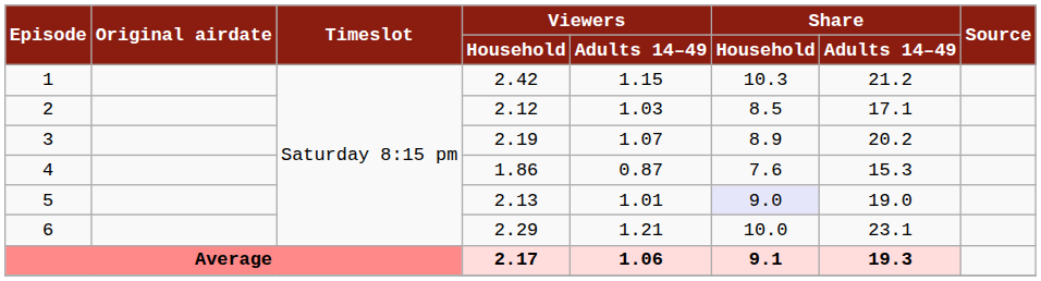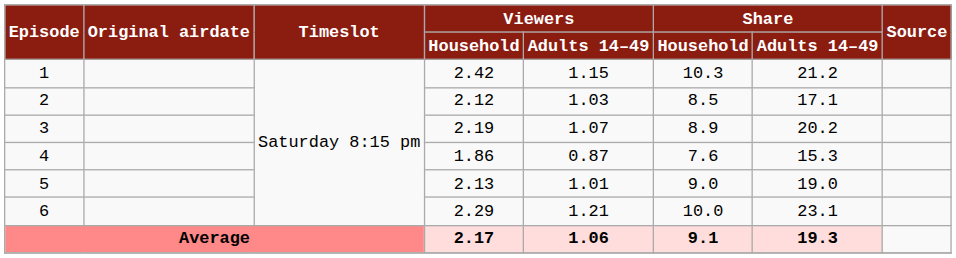 <table class="wikitable" style="text-align:center;">
 <tr>
 <th style="background:#8b1c10; color:#fff;" rowspan="2">Episode</th>
 <th style="background:#8b1c10; color:#fff;" rowspan="2">Original airdate</th>
 <th style="background:#8b1c10; color:#fff;" rowspan="2">Timeslot</th>
 <th style="background:#8b1c10; color:#fff;" colspan="2">Viewers<br><small></small></th>
 <th style="background:#8b1c10; color:#fff;" colspan="2">Share<br><small></small></th>
 <th style="background:#8b1c10; color:#fff;" rowspan="2">Source</th>
 </tr>
 <tr>
 <th style="background:#8b1c10; color:#fff;">Household</th>
 <th style="background:#8b1c10; color:#fff;">Adults 14–49</th>
 <th style="background:#8b1c10; color:#fff;">Household</th>
 <th style="background:#8b1c10; color:#fff;">Adults 14–49</th>
 </tr>
 <tr>
 <td>1</td>
 <td></td>
 <td rowspan="6">Saturday 8:15 pm</td>
 <td>2.42</td>
 <td>1.15</td>
 <td>10.3</td>
 <td>21.2</td>
 <td></td>
 </tr>
 <tr>
 <td>2</td>
 <td></td>
 <td>2.12</td>
 <td>1.03</td>
 <td>8.5</td>
 <td>17.1</td>
 <td></td>
 </tr>
 <tr>
 <td>3</td>
 <td></td>
 <td>2.19</td>
 <td>1.07</td>
 <td>8.9</td>
 <td>20.2</td>
 <td></td>
 </tr>
 <tr>
 <td>4</td>
 <td></td>
 <td>1.86</td>
 <td>0.87</td>
 <td>7.6</td>
 <td>15.3</td>
 <td></td>
 </tr>
 <tr>
 <td>5</td>
 <td></td>
 <td>2.13</td>
 <td>1.01</td>
-<td style="background: lavender;">9.0</td>
+<td>9.0</td>
 <td>19.0</td>
 <td></td>
 </tr>
 <tr>
 <td>6</td>
 <td></td>
 <td>2.29</td>
 <td>1.21</td>
 <td>10.0</td>
 <td>23.1</td>
 <td></td>
 </tr>
 <tr>
 <th style="background:#ff8888;" colspan="3">Average</th>
 <td style="background:#ffdddd;"><strong>2.17</strong></td>
 <td style="background:#ffdddd;"><strong>1.06</strong></td>
 <td style="background:#ffdddd;"><strong>9.1</strong></td>
 <td style="background:#ffdddd;"><strong>19.3</strong></td>
 <td></td>
 </tr>
 <tr>
 </tr>
 </table>
